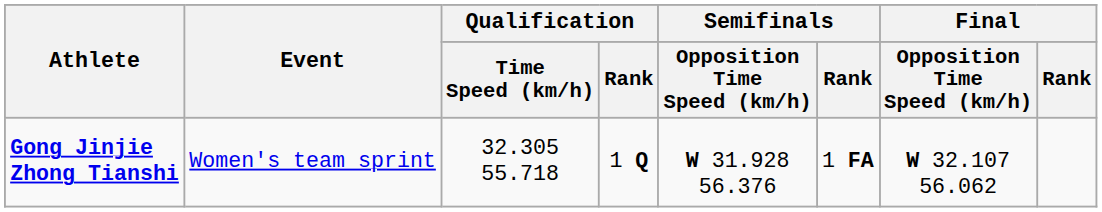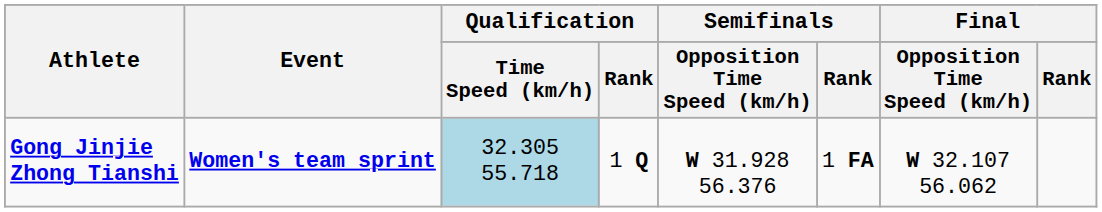 <table class="wikitable" style="font-size:90%">
 <tr>
 <th rowspan="2">Athlete</th>
 <th rowspan="2">Event</th>
 <th colspan=2>Qualification</th>
 <th colspan=2>Semifinals</th>
 <th colspan=2>Final</th>
 </tr>
 <tr style="font-size:95%">
 <th>Time<br>Speed (km/h)</th>
 <th>Rank</th>
 <th>Opposition<br>Time<br>Speed (km/h)</th>
 <th>Rank</th>
 <th>Opposition<br>Time<br>Speed (km/h)</th>
 <th>Rank</th>
 </tr>
 <tr align=center>
 <td align=left><strong><a href='#'>Gong Jinjie</a><br><a href='#'>Zhong Tianshi</a></strong></td>
-<td align=left><a href='#'>Women's team sprint</a></td>
-<td>32.305 <br>55.718</td>
+<td align=left><strong><a href='#'>Women's team sprint</a></strong></td>
+<td style="background: lightblue;">32.305 <br>55.718</td>
 <td>1 <strong>Q</strong></td>
 <td><br><strong>W</strong> 31.928  <br>56.376</td>
 <td>1 <strong>FA</strong></td>
 <td><br><strong>W</strong> 32.107 <br>56.062</td>
 <td></td>
 </tr>
 </table>
